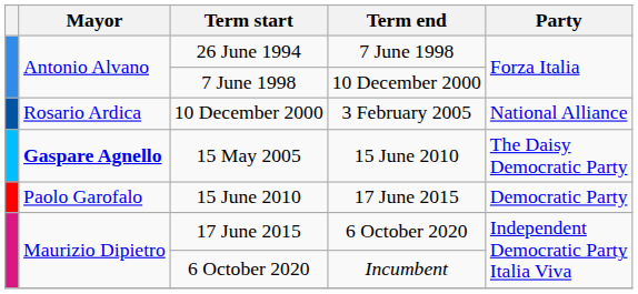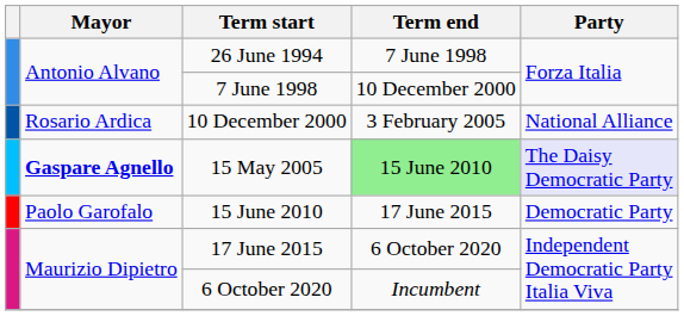 <table class="wikitable">
 <tr>
 <th class=unsortable> </th>
 <th>Mayor</th>
 <th>Term start</th>
 <th>Term end</th>
 <th>Party</th>
 </tr>
 <tr>
 <th rowspan=2 style="background:#318CE7;"></th>
 <td rowspan=2><a href='#'>Antonio Alvano</a></td>
 <td align=center>26 June 1994</td>
 <td align=center>7 June 1998</td>
 <td rowspan=2><a href='#'>Forza Italia</a></td>
 </tr>
 <tr>
 <td align=center>7 June 1998</td>
 <td align=center>10 December 2000</td>
 </tr>
 <tr>
 <th style="background:#0054A5;"></th>
 <td><a href='#'>Rosario Ardica</a></td>
 <td align=center>10 December 2000</td>
 <td align=center>3 February 2005</td>
 <td><a href='#'>National Alliance</a></td>
 </tr>
 <tr>
 <th style="background:#00BFFF;"></th>
 <td><strong><a href='#'>Gaspare Agnello</a></strong></td>
 <td align=center>15 May 2005</td>
-<td align=center>15 June 2010</td>
-<td><a href='#'>The Daisy</a><br><a href='#'>Democratic Party</a></td>
+<td align=center style="background: lightgreen;">15 June 2010</td>
+<td style="background: lavender;"><a href='#'>The Daisy</a><br><a href='#'>Democratic Party</a></td>
 </tr>
 <tr>
 <th style="background:#FF0000;"></th>
 <td><a href='#'>Paolo Garofalo</a></td>
 <td align=center>15 June 2010</td>
 <td align=center>17 June 2015</td>
 <td><a href='#'>Democratic Party</a></td>
 </tr>
 <tr>
 <th rowspan=2 style="background:#DA1884;"></th>
 <td rowspan=2><a href='#'>Maurizio Dipietro</a></td>
 <td align=center>17 June 2015</td>
 <td align=center>6 October 2020</td>
 <td rowspan=2><a href='#'>Independent</a><br><a href='#'>Democratic Party</a><br><a href='#'>Italia Viva</a></td>
 </tr>
 <tr>
 <td align=center>6 October 2020</td>
 <td align=center><em>Incumbent</em></td>
 </tr>
 <tr>
 </tr>
 </table>
